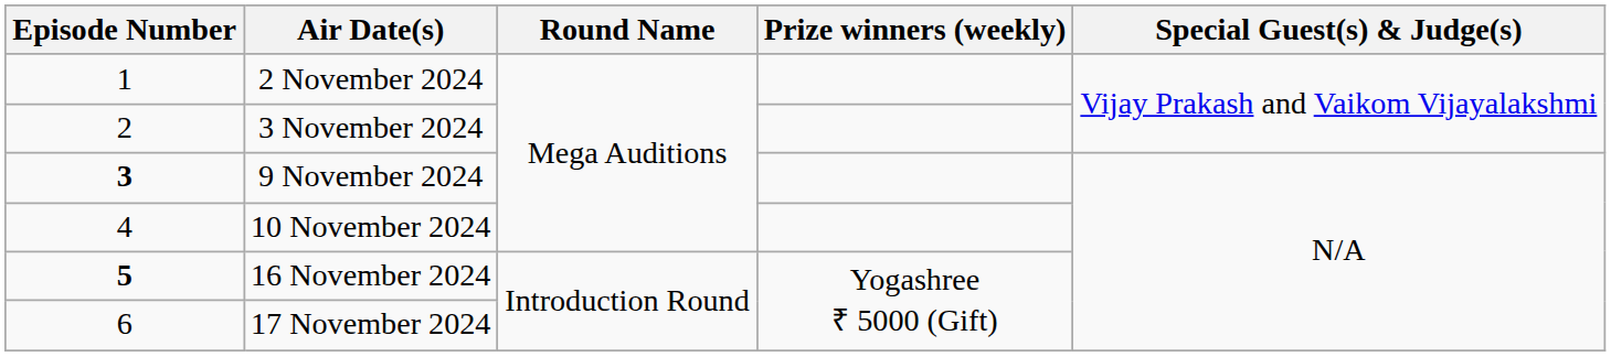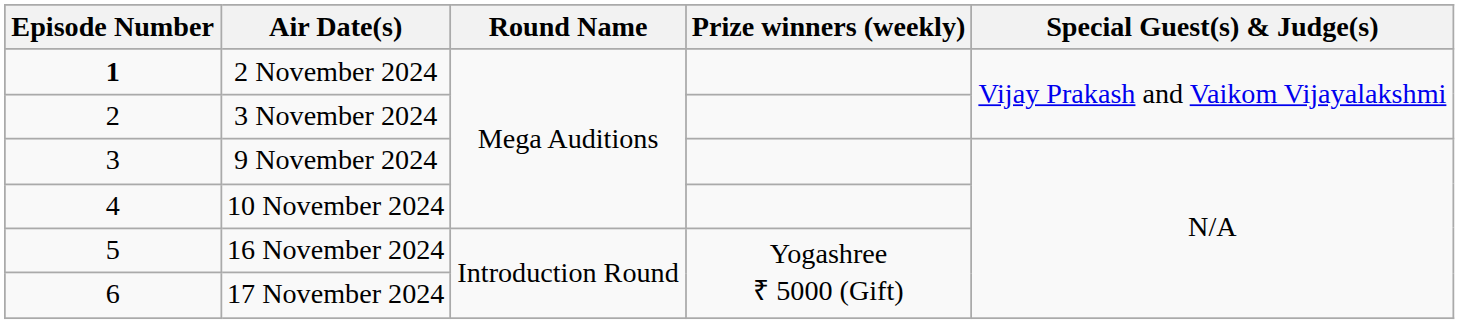 <table class="wikitable sortable" style="text-align:center;font-size:100%">
 <tr>
 <th scope="col">Episode Number</th>
 <th scope="col">Air Date(s)</th>
 <th scope="col">Round Name</th>
 <th scope="col">Prize winners (weekly)</th>
 <th scope="col">Special Guest(s) & Judge(s)</th>
 </tr>
 <tr>
-<td>1</td>
+<td><strong>1</strong></td>
 <td>2 November 2024</td>
 <td rowspan="4">Mega Auditions</td>
 <td></td>
 <td rowspan="2"><a href='#'>Vijay Prakash</a> and <a href='#'>Vaikom Vijayalakshmi</a></td>
 </tr>
 <tr>
 <td>2</td>
 <td>3 November 2024</td>
 </tr>
 <tr>
-<td><strong>3</strong></td>
+<td>3</td>
 <td>9 November 2024</td>
 <td></td>
 <td rowspan="4">N/A</td>
 </tr>
 <tr>
 <td>4</td>
 <td>10 November 2024</td>
 <td></td>
 </tr>
 <tr>
-<td><strong>5</strong></td>
+<td>5</td>
 <td>16 November 2024</td>
 <td rowspan="2">Introduction Round</td>
 <td rowspan="2">Yogashree <br> ₹ 5000 (Gift)</td>
 </tr>
 <tr>
 <td>6</td>
 <td>17 November 2024</td>
 </tr>
 </table>
